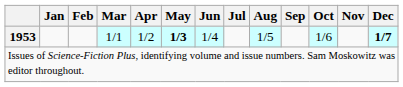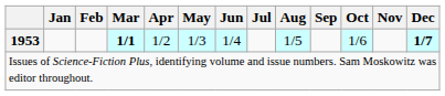 <table class="wikitable" style="font-size: 10pt; line-height: 11pt; margin-left: 2em; text-align: center; float: right">
 <tr>
 <th></th>
 <th>Jan</th>
 <th>Feb</th>
 <th>Mar</th>
 <th>Apr</th>
 <th>May</th>
 <th>Jun</th>
 <th>Jul</th>
 <th>Aug</th>
 <th>Sep</th>
 <th>Oct</th>
 <th>Nov</th>
 <th>Dec</th>
 </tr>
 <tr>
 <th>1953</th>
 <td></td>
 <td></td>
-<td bgcolor=#ccffff>1/1</td>
+<td bgcolor=#ccffff><strong>1/1</strong></td>
 <td bgcolor=#ccffff>1/2</td>
-<td bgcolor=#ccffff><strong>1/3</strong></td>
+<td bgcolor=#ccffff>1/3</td>
 <td bgcolor=#ccffff>1/4</td>
 <td></td>
 <td bgcolor=#ccffff>1/5</td>
 <td></td>
 <td bgcolor=#ccffff>1/6</td>
 <td></td>
 <td bgcolor=#ccffff><strong>1/7</strong></td>
 </tr>
 <tr>
 <td colspan="13" style="font-size: 8pt; text-align:left">Issues of <em>Science-Fiction Plus</em>, identifying volume and issue numbers.  Sam Moskowitz was <br>editor throughout.</td>
 </tr>
 </table>
